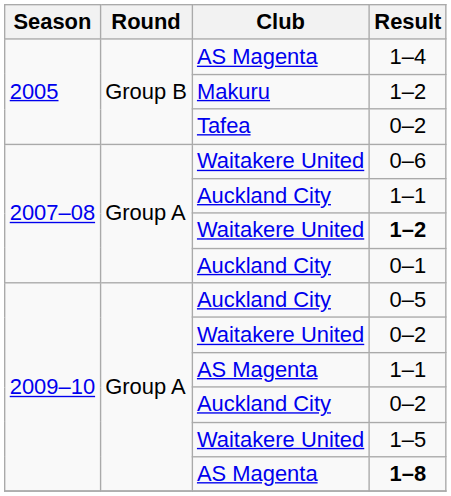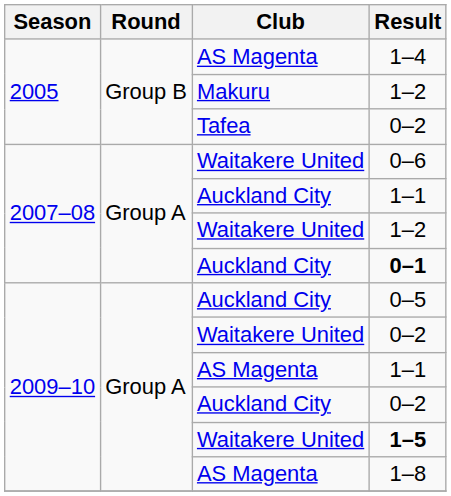 <table class="wikitable">
 <tr>
 <th>Season</th>
 <th>Round</th>
 <th>Club</th>
 <th>Result</th>
 </tr>
 <tr>
 <td rowspan="3"><a href='#'>2005</a></td>
 <td rowspan="3">Group B</td>
 <td> <a href='#'>AS Magenta</a></td>
 <td style="text-align:center;">1–4</td>
 </tr>
 <tr>
 <td> <a href='#'>Makuru</a></td>
 <td style="text-align:center;">1–2</td>
 </tr>
 <tr>
 <td> <a href='#'>Tafea</a></td>
 <td style="text-align:center;">0–2</td>
 </tr>
 <tr>
 <td rowspan="4"><a href='#'>2007–08</a></td>
 <td rowspan="4">Group A</td>
 <td> <a href='#'>Waitakere United</a></td>
 <td style="text-align:center;">0–6</td>
 </tr>
 <tr>
 <td> <a href='#'>Auckland City</a></td>
 <td style="text-align:center;">1–1</td>
 </tr>
 <tr>
 <td> <a href='#'>Waitakere United</a></td>
-<td style="text-align:center;"><strong>1–2</strong></td>
+<td style="text-align:center;">1–2</td>
 </tr>
 <tr>
 <td> <a href='#'>Auckland City</a></td>
-<td style="text-align:center;">0–1</td>
+<td style="text-align:center;"><strong>0–1</strong></td>
 </tr>
 <tr>
 <td rowspan="6"><a href='#'>2009–10</a></td>
 <td rowspan="6">Group A</td>
 <td> <a href='#'>Auckland City</a></td>
 <td style="text-align:center;">0–5</td>
 </tr>
 <tr>
 <td> <a href='#'>Waitakere United</a></td>
 <td style="text-align:center;">0–2</td>
 </tr>
 <tr>
 <td> <a href='#'>AS Magenta</a></td>
 <td style="text-align:center;">1–1</td>
 </tr>
 <tr>
 <td> <a href='#'>Auckland City</a></td>
 <td style="text-align:center;">0–2</td>
 </tr>
 <tr>
 <td> <a href='#'>Waitakere United</a></td>
-<td style="text-align:center;">1–5</td>
+<td style="text-align:center;"><strong>1–5</strong></td>
 </tr>
 <tr>
 <td> <a href='#'>AS Magenta</a></td>
-<td style="text-align:center;"><strong>1–8</strong></td>
+<td style="text-align:center;">1–8</td>
 </tr>
 <tr>
 </tr>
 </table>
